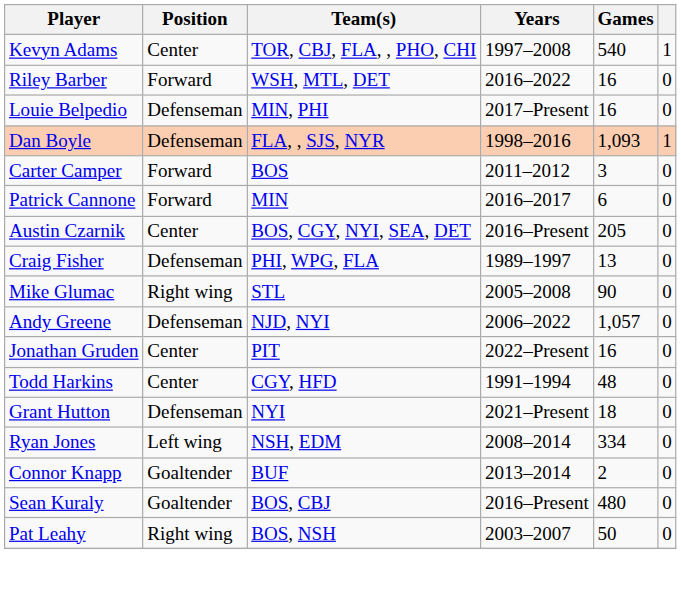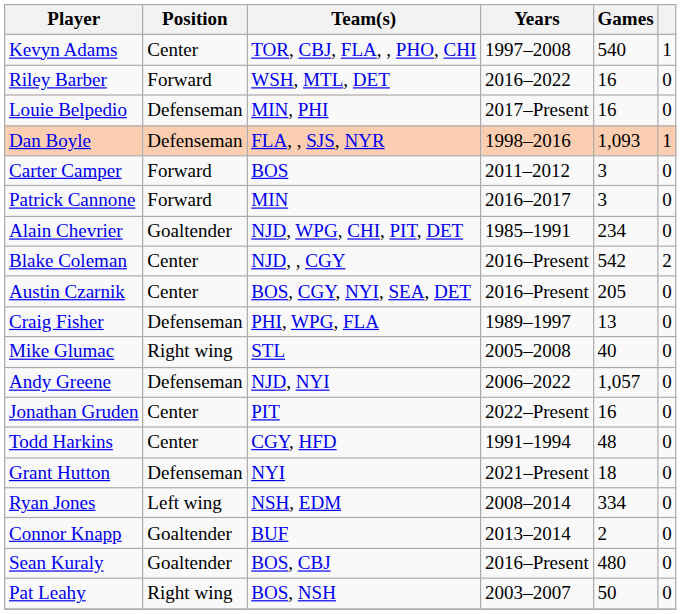 <table class="wikitable sortable">
 <tr>
 <th>Player</th>
 <th>Position</th>
 <th>Team(s)</th>
 <th>Years</th>
 <th>Games</th>
 <th><a href='#'></a></th>
 </tr>
 <tr>
 <td><a href='#'>Kevyn Adams</a></td>
 <td>Center</td>
 <td><a href='#'>TOR</a>, <a href='#'>CBJ</a>, <a href='#'>FLA</a>, <span><strong></strong></span>, <a href='#'>PHO</a>, <a href='#'>CHI</a></td>
 <td>1997–2008</td>
 <td>540</td>
 <td>1</td>
 </tr>
 <tr>
 <td><a href='#'>Riley Barber</a></td>
 <td>Forward</td>
 <td><a href='#'>WSH</a>, <a href='#'>MTL</a>, <a href='#'>DET</a></td>
 <td>2016–2022</td>
 <td>16</td>
 <td>0</td>
 </tr>
 <tr>
 <td><a href='#'>Louie Belpedio</a></td>
 <td>Defenseman</td>
 <td><a href='#'>MIN</a>, <a href='#'>PHI</a></td>
 <td>2017–Present</td>
 <td>16</td>
 <td>0</td>
 </tr>
 <tr bgcolor=FBCEB1>
 <td><a href='#'>Dan Boyle</a></td>
 <td>Defenseman</td>
 <td><a href='#'>FLA</a>, <span><strong></strong></span>, <a href='#'>SJS</a>, <a href='#'>NYR</a></td>
 <td>1998–2016</td>
 <td>1,093</td>
 <td>1</td>
 </tr>
 <tr>
 <td><a href='#'>Carter Camper</a></td>
 <td>Forward</td>
 <td><a href='#'>BOS</a></td>
 <td>2011–2012</td>
 <td>3</td>
 <td>0</td>
 </tr>
 <tr>
 <td><a href='#'>Patrick Cannone</a></td>
 <td>Forward</td>
 <td><a href='#'>MIN</a></td>
 <td>2016–2017</td>
-<td>6</td>
+<td>3</td>
 <td>0</td>
+</tr>
+<tr>
+<td><a href='#'>Alain Chevrier</a></td>
+<td>Goaltender</td>
+<td><a href='#'>NJD</a>, <a href='#'>WPG</a>, <a href='#'>CHI</a>, <a href='#'>PIT</a>, <a href='#'>DET</a></td>
+<td>1985–1991</td>
+<td>234</td>
+<td>0</td>
+</tr>
+<tr>
+<td><a href='#'>Blake Coleman</a></td>
+<td>Center</td>
+<td><a href='#'>NJD</a>, <span><strong></strong></span>, <a href='#'>CGY</a></td>
+<td>2016–Present</td>
+<td>542</td>
+<td>2</td>
 </tr>
 <tr>
 <td><a href='#'>Austin Czarnik</a></td>
 <td>Center</td>
 <td><a href='#'>BOS</a>, <a href='#'>CGY</a>, <a href='#'>NYI</a>, <a href='#'>SEA</a>, <a href='#'>DET</a></td>
 <td>2016–Present</td>
 <td>205</td>
 <td>0</td>
 </tr>
 <tr>
 <td><a href='#'>Craig Fisher</a></td>
 <td>Defenseman</td>
 <td><a href='#'>PHI</a>, <a href='#'>WPG</a>, <a href='#'>FLA</a></td>
 <td>1989–1997</td>
 <td>13</td>
 <td>0</td>
 </tr>
 <tr>
 <td><a href='#'>Mike Glumac</a></td>
 <td>Right wing</td>
 <td><a href='#'>STL</a></td>
 <td>2005–2008</td>
-<td>90</td>
+<td>40</td>
 <td>0</td>
 </tr>
 <tr>
 <td><a href='#'>Andy Greene</a></td>
 <td>Defenseman</td>
 <td><a href='#'>NJD</a>, <a href='#'>NYI</a></td>
 <td>2006–2022</td>
 <td>1,057</td>
 <td>0</td>
 </tr>
 <tr>
 <td><a href='#'>Jonathan Gruden</a></td>
 <td>Center</td>
 <td><a href='#'>PIT</a></td>
 <td>2022–Present</td>
 <td>16</td>
 <td>0</td>
 </tr>
 <tr>
 <td><a href='#'>Todd Harkins</a></td>
 <td>Center</td>
 <td><a href='#'>CGY</a>, <a href='#'>HFD</a></td>
 <td>1991–1994</td>
 <td>48</td>
 <td>0</td>
 </tr>
 <tr>
 <td><a href='#'>Grant Hutton</a></td>
 <td>Defenseman</td>
 <td><a href='#'>NYI</a></td>
 <td>2021–Present</td>
 <td>18</td>
 <td>0</td>
 </tr>
 <tr>
 <td><a href='#'>Ryan Jones</a></td>
 <td>Left wing</td>
 <td><a href='#'>NSH</a>, <a href='#'>EDM</a></td>
 <td>2008–2014</td>
 <td>334</td>
 <td>0</td>
 </tr>
 <tr>
 <td><a href='#'>Connor Knapp</a></td>
 <td>Goaltender</td>
 <td><a href='#'>BUF</a></td>
 <td>2013–2014</td>
 <td>2</td>
 <td>0</td>
 </tr>
 <tr>
 <td><a href='#'>Sean Kuraly</a></td>
 <td>Goaltender</td>
 <td><a href='#'>BOS</a>, <a href='#'>CBJ</a></td>
 <td>2016–Present</td>
 <td>480</td>
 <td>0</td>
 </tr>
 <tr>
 <td><a href='#'>Pat Leahy</a></td>
 <td>Right wing</td>
 <td><a href='#'>BOS</a>, <a href='#'>NSH</a></td>
 <td>2003–2007</td>
 <td>50</td>
 <td>0</td>
 </tr>
 <tr>
 </tr>
 </table>
